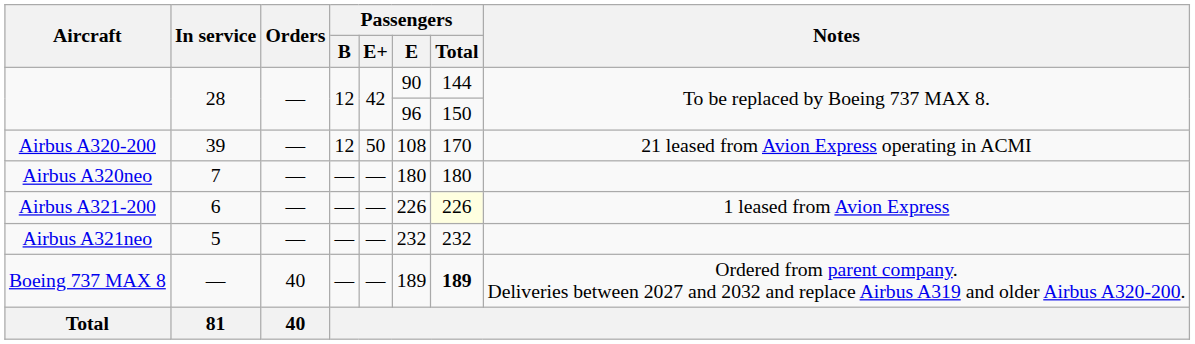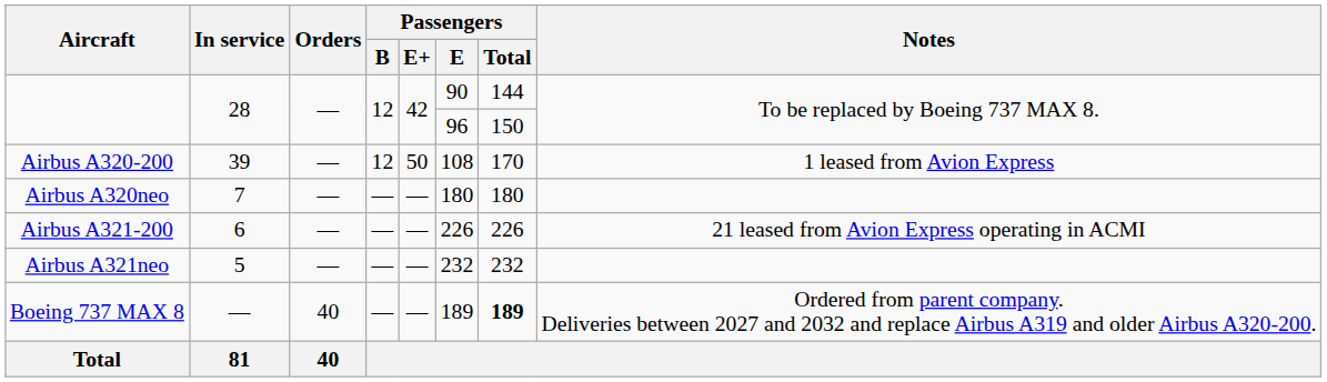 <table class="wikitable" style="margin:1em auto; border-collapse:collapse;text-align:center">
 <tr>
 <th rowspan="2">Aircraft</th>
 <th rowspan="2">In service</th>
 <th rowspan="2">Orders</th>
 <th colspan="4">Passengers</th>
 <th rowspan="2">Notes</th>
 </tr>
 <tr>
 <th><abbr>B</abbr></th>
 <th><abbr>E+</abbr></th>
 <th><abbr>E</abbr></th>
 <th>Total</th>
 </tr>
 <tr>
 <td rowspan="2"></td>
 <td rowspan="2">28</td>
 <td rowspan="2">—</td>
 <td rowspan="2">12</td>
 <td rowspan="2">42</td>
 <td>90</td>
 <td>144</td>
 <td rowspan="2">To be replaced by Boeing 737 MAX 8.</td>
 </tr>
 <tr>
 <td>96</td>
 <td>150</td>
 </tr>
 <tr>
 <td><a href='#'>Airbus A320-200</a></td>
 <td>39</td>
 <td>—</td>
 <td>12</td>
 <td>50</td>
 <td>108</td>
 <td>170</td>
-<td>21 leased from <a href='#'>Avion Express</a> operating in ACMI</td>
+<td>1 leased from <a href='#'>Avion Express</a></td>
 </tr>
 <tr>
 <td><a href='#'>Airbus A320neo</a></td>
 <td>7</td>
 <td>—</td>
 <td>—</td>
 <td>—</td>
 <td>180</td>
 <td>180</td>
 <td></td>
 </tr>
 <tr>
 <td><a href='#'>Airbus A321-200</a></td>
 <td>6</td>
 <td>—</td>
 <td>—</td>
 <td>—</td>
 <td>226</td>
-<td style="background: lightyellow;">226</td>
-<td>1 leased from <a href='#'>Avion Express</a></td>
+<td>226</td>
+<td>21 leased from <a href='#'>Avion Express</a> operating in ACMI</td>
 </tr>
 <tr>
 <td><a href='#'>Airbus A321neo</a></td>
 <td>5</td>
 <td>—</td>
 <td>—</td>
 <td>—</td>
 <td>232</td>
 <td>232</td>
 <td></td>
 </tr>
 <tr>
 <td><a href='#'>Boeing 737 MAX 8</a></td>
 <td>—</td>
 <td>40</td>
 <td>—</td>
 <td>—</td>
 <td>189</td>
 <td><strong>189</strong></td>
 <td>Ordered from <a href='#'>parent company</a>.<br>Deliveries between 2027 and 2032 and replace <a href='#'>Airbus A319</a> and older <a href='#'>Airbus A320-200</a>.</td>
 </tr>
 <tr>
 <th>Total</th>
 <th>81</th>
 <th>40</th>
 <th colspan="5"></th>
 </tr>
 </table>
